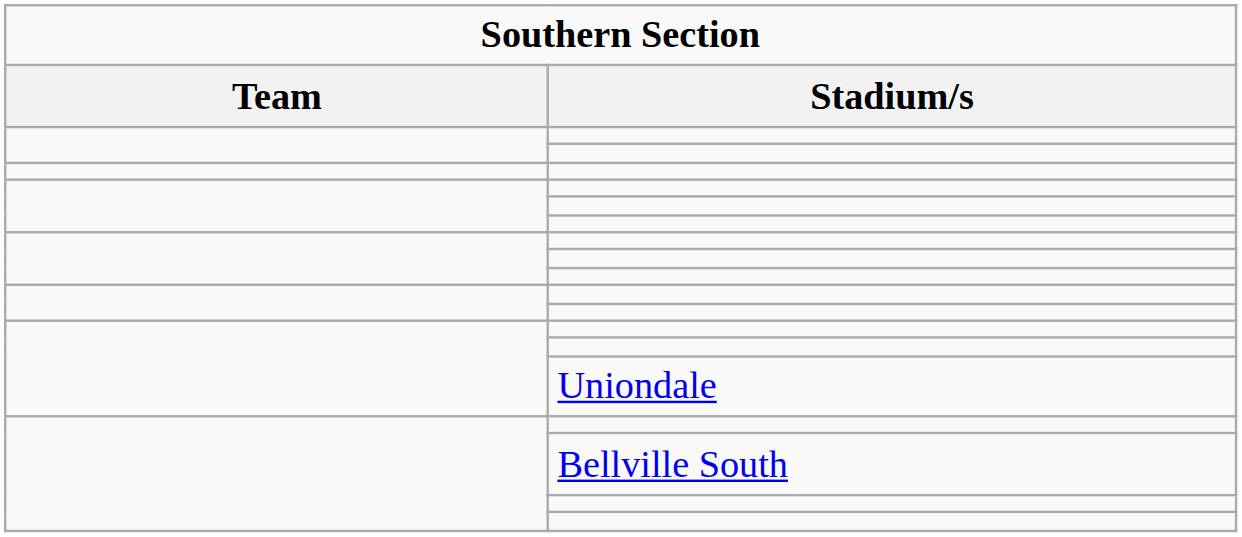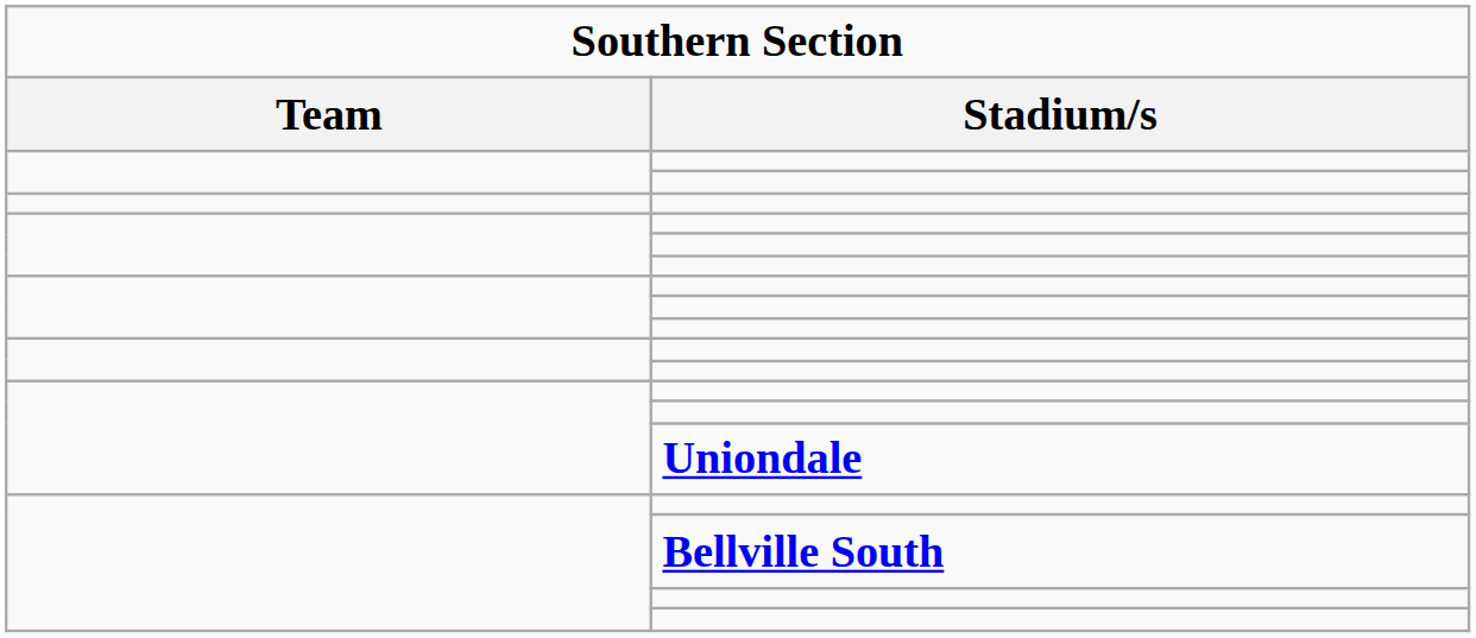 <table class="wikitable">
 <tr>
 <td colspan=3 align=center><strong>Southern Section</strong></td>
 </tr>
 <tr>
 <th width="220">Team</th>
 <th width="280">Stadium/s</th>
 </tr>
 <tr>
 <td rowspan=2></td>
 <td></td>
 </tr>
 <tr>
 <td></td>
 </tr>
 <tr>
 <td></td>
 <td></td>
 </tr>
 <tr>
 <td rowspan=3></td>
 <td></td>
 </tr>
 <tr>
 <td></td>
 </tr>
 <tr>
 <td></td>
 </tr>
 <tr>
 <td rowspan=3></td>
 <td></td>
 </tr>
 <tr>
 <td></td>
 </tr>
 <tr>
 <td></td>
 </tr>
 <tr>
 <td rowspan=2></td>
 <td></td>
 </tr>
 <tr>
 <td></td>
 </tr>
 <tr>
 <td rowspan=3></td>
 <td></td>
 </tr>
 <tr>
 <td></td>
 </tr>
 <tr>
-<td><a href='#'>Uniondale</a></td>
+<td><strong><a href='#'>Uniondale</a></strong></td>
 </tr>
 <tr>
 <td rowspan=4></td>
 <td></td>
 </tr>
 <tr>
-<td><a href='#'>Bellville South</a></td>
+<td><strong><a href='#'>Bellville South</a></strong></td>
 </tr>
 <tr>
 <td></td>
 </tr>
 <tr>
 <td></td>
 </tr>
 </table>
